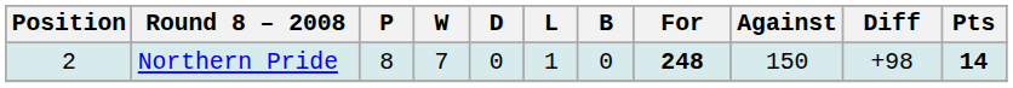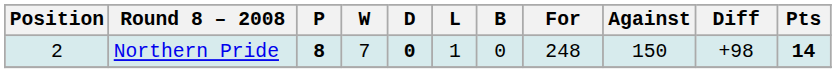 <table class="wikitable" style="text-align:center; font-size:85%;">
 <tr>
 <th width=40 abbr="Position">Position</th>
 <th width=100>Round 8 – 2008</th>
 <th width=20 abbr="Played">P</th>
 <th width=20 abbr="Won">W</th>
 <th width=20 abbr="Drawn">D</th>
 <th width=20 abbr="Lost">L</th>
 <th width=20 abbr="Bye">B</th>
 <th width=40 abbr="Points for">For</th>
 <th width=40 abbr="Points against">Against</th>
 <th width=40 abbr="Points difference">Diff</th>
 <th width=25 abbr="Points">Pts</th>
 </tr>
 <tr style="background: #d7ebed;">
 <td>2</td>
 <td style="text-align:left;"> <a href='#'>Northern Pride</a></td>
-<td>8</td>
+<td><strong>8</strong></td>
 <td>7</td>
-<td>0</td>
+<td><strong>0</strong></td>
 <td>1</td>
 <td>0</td>
-<td><strong>248</strong></td>
+<td>248</td>
 <td>150</td>
 <td>+98</td>
 <td><strong>14</strong></td>
 </tr>
 <tr>
 </tr>
 </table>
